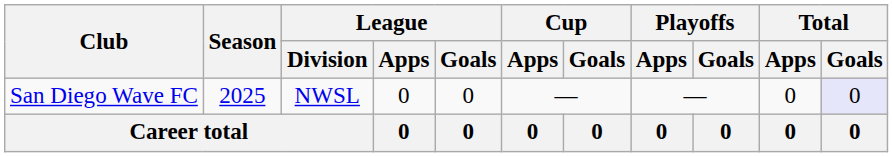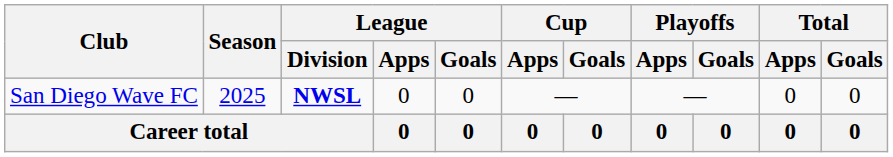 <table class="wikitable" style="text-align: center;">
 <tr>
 <th rowspan="2">Club</th>
 <th rowspan="2">Season</th>
 <th colspan="3">League</th>
 <th colspan="2">Cup</th>
 <th colspan="2">Playoffs</th>
 <th colspan="2">Total</th>
 </tr>
 <tr>
 <th>Division</th>
 <th>Apps</th>
 <th>Goals</th>
 <th>Apps</th>
 <th>Goals</th>
 <th>Apps</th>
 <th>Goals</th>
 <th>Apps</th>
 <th>Goals</th>
 </tr>
 <tr>
 <td><a href='#'>San Diego Wave FC</a></td>
 <td><a href='#'>2025</a></td>
-<td><a href='#'>NWSL</a></td>
+<td><strong><a href='#'>NWSL</a></strong></td>
 <td>0</td>
 <td>0</td>
 <td colspan="2">—</td>
 <td colspan="2">—</td>
 <td>0</td>
-<td style="background: lavender;">0</td>
+<td>0</td>
 </tr>
 <tr>
 <th colspan="3">Career total</th>
 <th>0</th>
 <th>0</th>
 <th>0</th>
 <th>0</th>
 <th>0</th>
 <th>0</th>
 <th>0</th>
 <th>0</th>
 </tr>
 </table>
